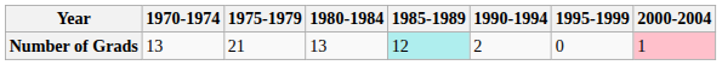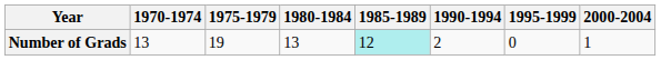 <table class="wikitable" style="display: inline-table;">
 <tr>
 <th>Year</th>
 <th>1970-1974</th>
 <th>1975-1979</th>
 <th>1980-1984</th>
 <th>1985-1989</th>
 <th>1990-1994</th>
 <th>1995-1999</th>
 <th>2000-2004</th>
 </tr>
 <tr>
 <th>Number of Grads</th>
 <td>13</td>
-<td>21</td>
+<td>19</td>
 <td>13</td>
 <td style="background: paleturquoise;">12</td>
 <td>2</td>
 <td>0</td>
-<td style="background: pink;">1</td>
+<td>1</td>
 </tr>
 </table>
